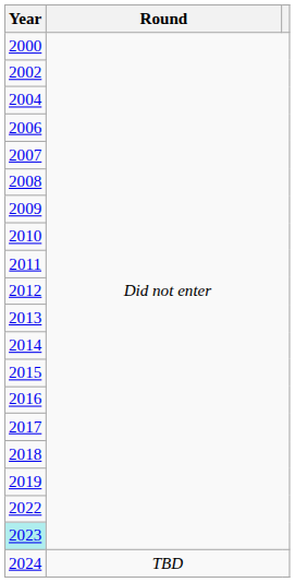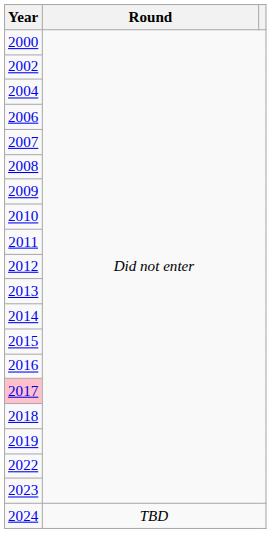 <table class="wikitable" style="text-align: center; font-size:90%">
 <tr>
 <th>Year</th>
 <th style="width:200px">Round</th>
 <th></th>
 </tr>
 <tr>
 <td><a href='#'>2000</a></td>
 <td colspan="2" rowspan="19"><em>Did not enter</em></td>
 </tr>
 <tr>
 <td><a href='#'>2002</a></td>
 </tr>
 <tr>
 <td><a href='#'>2004</a></td>
 </tr>
 <tr>
 <td><a href='#'>2006</a></td>
 </tr>
 <tr>
 <td><a href='#'>2007</a></td>
 </tr>
 <tr>
 <td><a href='#'>2008</a></td>
 </tr>
 <tr>
 <td><a href='#'>2009</a></td>
 </tr>
 <tr>
 <td><a href='#'>2010</a></td>
 </tr>
 <tr>
 <td><a href='#'>2011</a></td>
 </tr>
 <tr>
 <td><a href='#'>2012</a></td>
 </tr>
 <tr>
 <td><a href='#'>2013</a></td>
 </tr>
 <tr>
 <td><a href='#'>2014</a></td>
 </tr>
 <tr>
 <td><a href='#'>2015</a></td>
 </tr>
 <tr>
 <td><a href='#'>2016</a></td>
 </tr>
 <tr>
-<td><a href='#'>2017</a></td>
+<td style="background: pink;"><a href='#'>2017</a></td>
 </tr>
 <tr>
 <td><a href='#'>2018</a></td>
 </tr>
 <tr>
 <td><a href='#'>2019</a></td>
 </tr>
 <tr>
 <td><a href='#'>2022</a></td>
 </tr>
 <tr>
-<td style="background: paleturquoise;"><a href='#'>2023</a></td>
+<td><a href='#'>2023</a></td>
 </tr>
 <tr>
 <td><a href='#'>2024</a></td>
 <td colspan="2"><em>TBD</em></td>
 </tr>
 </table>
